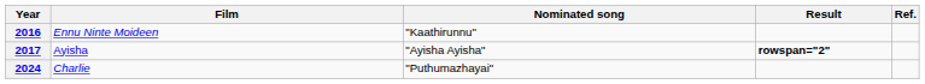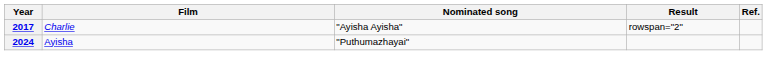 <table class="wikitable plainrowheaders" width="100%" textcolor:#000;">
 <tr>
 <th scope="col" width=5%><strong>Year</strong></th>
 <th scope="col" width=39%><strong>Film</strong></th>
 <th scope="col" width=39%><strong>Nominated song</strong></th>
 <th scope="col" width=15%><strong>Result</strong></th>
 <th scope="col" width=2%><strong>Ref.</strong></th>
 </tr>
 <tr>
-<th scope="row"><a href='#'>2016</a></th>
-<td><em><a href='#'>Ennu Ninte Moideen</a></em></td>
-<td>"Kaathirunnu"</td>
-<td></td>
-<td></td>
-</tr>
-<tr>
 <th scope="row"><a href='#'>2017</a></th>
-<td><a href='#'>Ayisha</a></td>
+<td><em><a href='#'>Charlie</a></em></td>
 <td>"Ayisha Ayisha"</td>
-<td><strong>rowspan="2"</strong></td>
+<td>rowspan="2"</td>
 <td></td>
 </tr>
 <tr>
 <th scope="row"><a href='#'>2024</a></th>
-<td><em><a href='#'>Charlie</a></em></td>
+<td><a href='#'>Ayisha</a></td>
 <td>"Puthumazhayai"</td>
 <td></td>
 </tr>
 </table>
